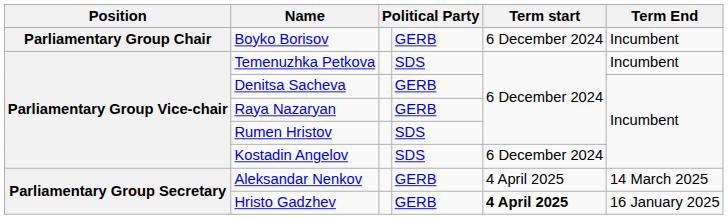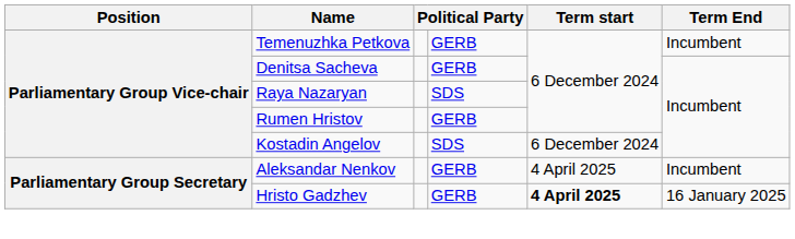 <table class="wikitable plainrowheaders">
 <tr>
 <th>Position</th>
 <th>Name</th>
 <th colspan="2">Political Party</th>
 <th>Term start</th>
 <th>Term End</th>
 </tr>
 <tr>
-<th>Parliamentary Group Chair</th>
-<td><a href='#'>Boyko Borisov</a></td>
-<td style="background:"></td>
-<td><a href='#'>GERB</a></td>
-<td>6 December 2024</td>
-<td>Incumbent</td>
-</tr>
-<tr>
 <th rowspan = "5">Parliamentary Group Vice-chair</th>
 <td><a href='#'>Temenuzhka Petkova</a></td>
 <td style="background:"></td>
-<td><a href='#'>SDS</a></td>
+<td><a href='#'>GERB</a></td>
 <td rowspan = "4">6 December 2024</td>
 <td>Incumbent</td>
 </tr>
 <tr>
 <td><a href='#'>Denitsa Sacheva</a></td>
 <td style="background:"></td>
 <td><a href='#'>GERB</a></td>
 <td rowspan = "4">Incumbent</td>
 </tr>
 <tr>
 <td><a href='#'>Raya Nazaryan</a></td>
 <td style="background:"></td>
-<td><a href='#'>GERB</a></td>
+<td><a href='#'>SDS</a></td>
 </tr>
 <tr>
 <td><a href='#'>Rumen Hristov</a></td>
 <td style="background:"></td>
-<td><a href='#'>SDS</a></td>
+<td><a href='#'>GERB</a></td>
 </tr>
 <tr>
 <td><a href='#'>Kostadin Angelov</a></td>
 <td style="background:"></td>
 <td><a href='#'>SDS</a></td>
 <td>6 December 2024</td>
 </tr>
 <tr>
 <th rowspan = "2">Parliamentary Group Secretary</th>
 <td><a href='#'>Aleksandar Nenkov</a></td>
 <td style="background:"></td>
 <td><a href='#'>GERB</a></td>
 <td>4 April 2025</td>
-<td>14 March 2025</td>
+<td>Incumbent</td>
 </tr>
 <tr>
 <td><a href='#'>Hristo Gadzhev</a></td>
 <td style="background:"></td>
 <td><a href='#'>GERB</a></td>
 <td><strong>4 April 2025</strong></td>
 <td>16 January 2025</td>
 </tr>
 </table>
